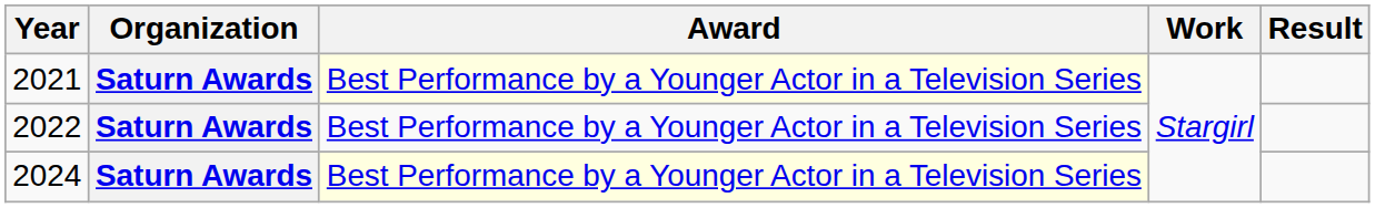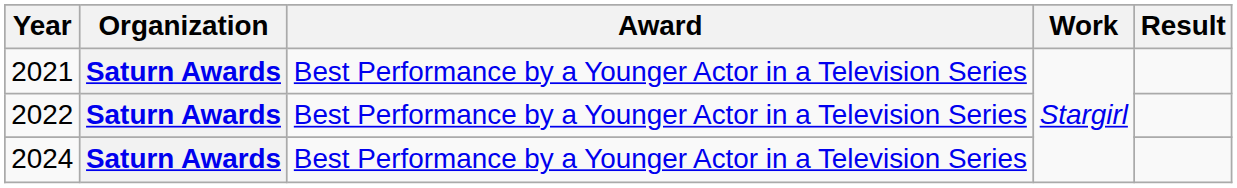 <table class="wikitable plainrowheaders sortable">
 <tr>
 <th scope="col">Year</th>
 <th scope="col">Organization</th>
 <th scope="col">Award</th>
 <th scope="col">Work</th>
 <th scope="col">Result</th>
 </tr>
 <tr>
 <td>2021</td>
 <th scope="row"><a href='#'>Saturn Awards</a></th>
-<td style="background: lightyellow;"><a href='#'>Best Performance by a Younger Actor in a Television Series</a></td>
+<td><a href='#'>Best Performance by a Younger Actor in a Television Series</a></td>
 <td rowspan="3"><a href='#'><em>Stargirl</em></a></td>
 <td></td>
 </tr>
 <tr>
 <td>2022</td>
 <th scope="row"><a href='#'>Saturn Awards</a></th>
 <td><a href='#'>Best Performance by a Younger Actor in a Television Series</a></td>
 <td></td>
 </tr>
 <tr>
 <td>2024</td>
 <th scope="row"><a href='#'>Saturn Awards</a></th>
-<td style="background: lightyellow;"><a href='#'>Best Performance by a Younger Actor in a Television Series</a></td>
+<td><a href='#'>Best Performance by a Younger Actor in a Television Series</a></td>
 <td></td>
 </tr>
 </table>
